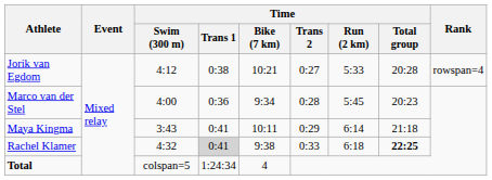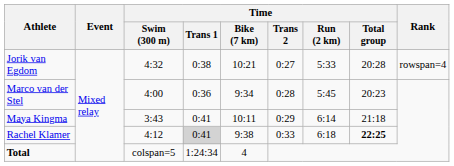 <table class="wikitable" style="font-size:90%;text-align:center;">
 <tr>
 <th rowspan=2>Athlete</th>
 <th rowspan=2>Event</th>
 <th colspan=6>Time</th>
 <th rowspan=2>Rank</th>
 </tr>
 <tr style="font-size:95%">
 <th>Swim (300 m)</th>
 <th>Trans 1</th>
 <th>Bike (7 km)</th>
 <th>Trans 2</th>
 <th>Run (2 km)</th>
 <th>Total group</th>
 </tr>
 <tr>
 <td align=left><a href='#'>Jorik van Egdom</a></td>
 <td align=left rowspan=5><a href='#'>Mixed relay</a></td>
-<td>4:12</td>
+<td>4:32</td>
 <td>0:38</td>
 <td>10:21</td>
 <td>0:27</td>
 <td>5:33</td>
 <td>20:28</td>
 <td>rowspan=4 </td>
 </tr>
 <tr>
 <td align=left><a href='#'>Marco van der Stel</a></td>
 <td>4:00</td>
 <td>0:36</td>
 <td>9:34</td>
 <td>0:28</td>
 <td>5:45</td>
 <td>20:23</td>
 </tr>
 <tr>
 <td align=left><a href='#'>Maya Kingma</a></td>
 <td>3:43</td>
 <td>0:41</td>
 <td>10:11</td>
 <td>0:29</td>
 <td>6:14</td>
 <td>21:18</td>
 </tr>
 <tr>
 <td align=left><a href='#'>Rachel Klamer</a></td>
-<td>4:32</td>
+<td>4:12</td>
 <td style="background: lightgrey;">0:41</td>
 <td>9:38</td>
 <td>0:33</td>
 <td>6:18</td>
 <td><strong>22:25</strong></td>
 </tr>
 <tr>
 <td align=left><strong>Total</strong></td>
 <td>colspan=5 </td>
 <td>1:24:34</td>
 <td>4</td>
 </tr>
 </table>
